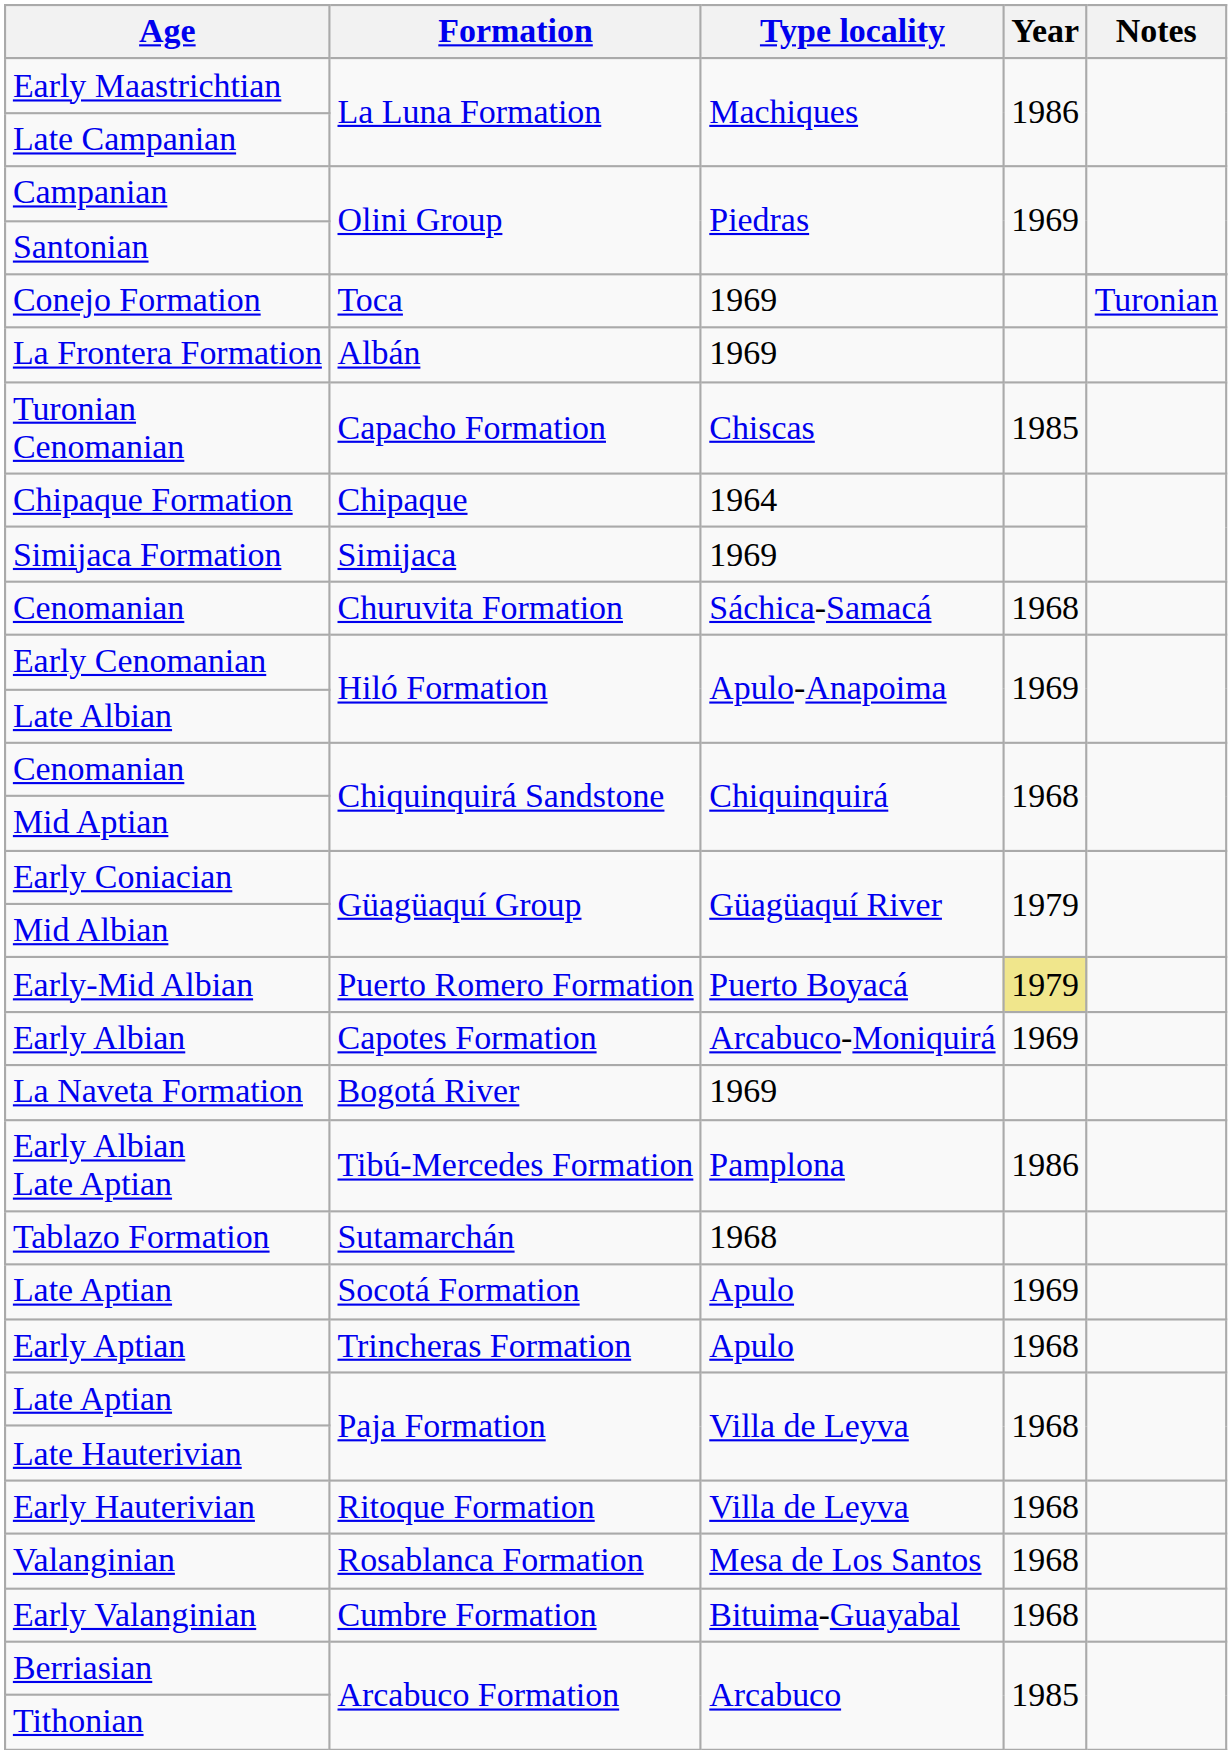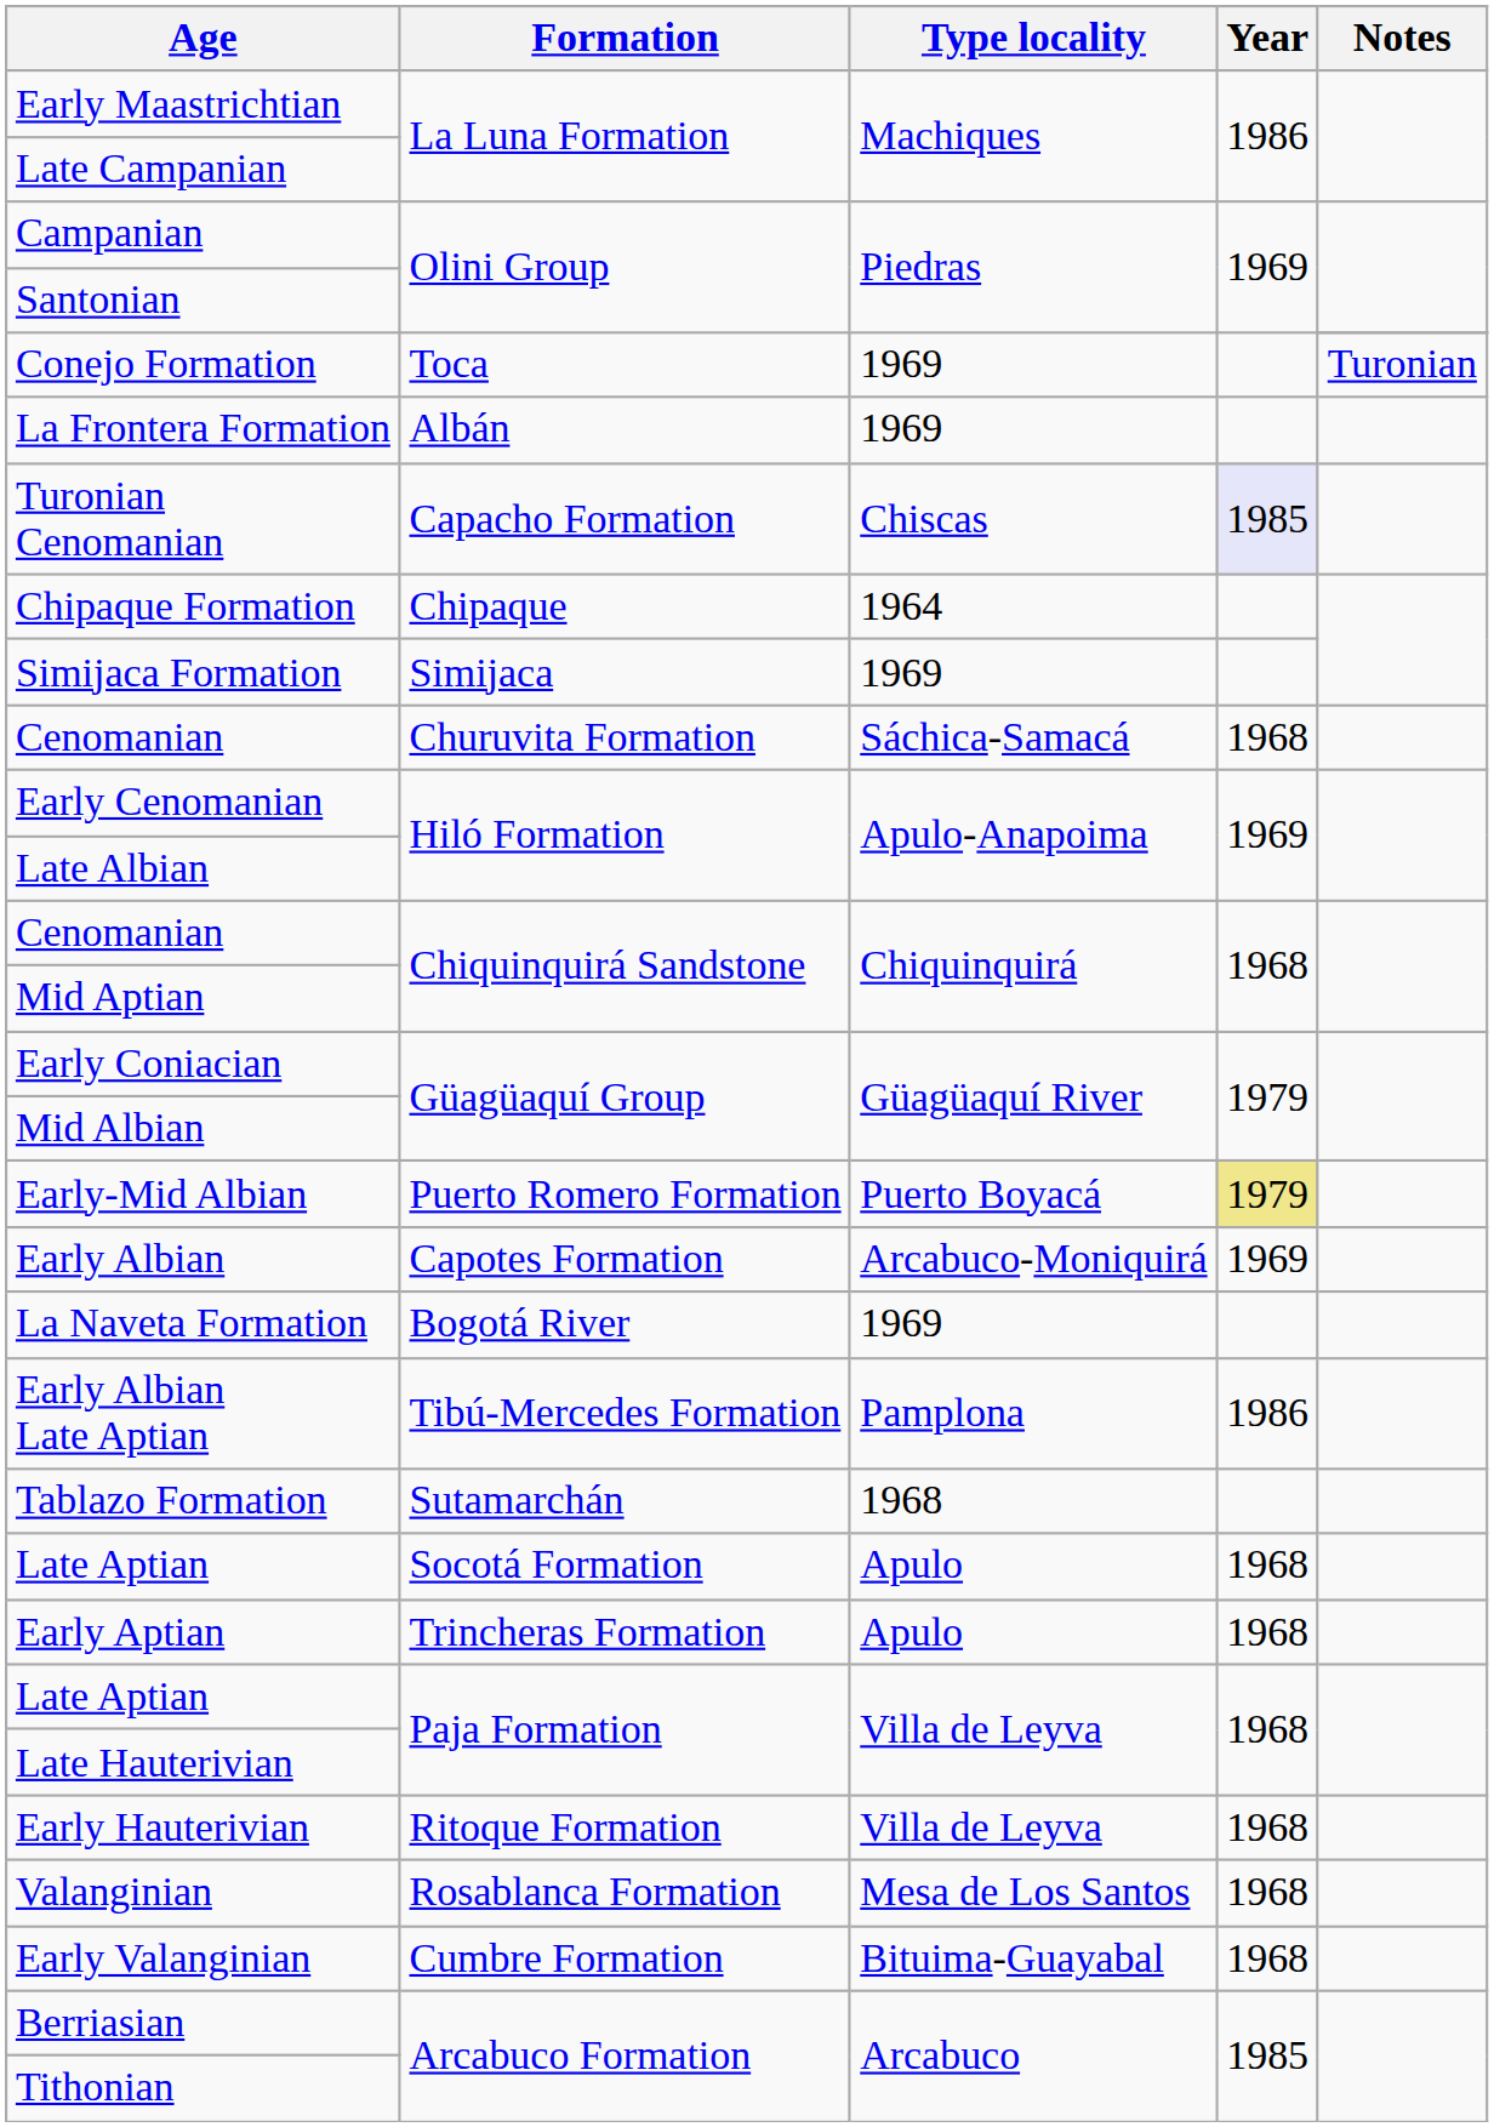 <table class="wikitable sortable">
 <tr>
 <th><a href='#'>Age</a></th>
 <th><a href='#'>Formation</a></th>
 <th><a href='#'>Type locality</a></th>
 <th>Year</th>
 <th>Notes</th>
 </tr>
 <tr>
 <td style="background-color: "><a href='#'>Early Maastrichtian</a></td>
 <td rowspan=2><a href='#'>La Luna Formation</a></td>
 <td rowspan=2><a href='#'>Machiques</a></td>
 <td rowspan=2>1986</td>
 <td rowspan=2></td>
 </tr>
 <tr>
 <td style="background-color: "><a href='#'>Late Campanian</a></td>
 </tr>
 <tr>
 <td style="background-color: "><a href='#'>Campanian</a></td>
 <td rowspan=2><a href='#'>Olini Group</a></td>
 <td rowspan=2><a href='#'>Piedras</a></td>
 <td rowspan=2>1969</td>
 <td rowspan=2></td>
 </tr>
 <tr>
 <td style="background-color: "><a href='#'>Santonian</a></td>
 </tr>
 <tr>
 <td rowspan=2><a href='#'>Conejo Formation</a></td>
 <td rowspan=2><a href='#'>Toca</a></td>
 <td rowspan=2>1969</td>
 <td rowspan=2></td>
 </tr>
 <tr>
 <td style="background-color: "><a href='#'>Turonian</a></td>
 </tr>
 <tr>
 <td><a href='#'>La Frontera Formation</a></td>
 <td><a href='#'>Albán</a></td>
 <td>1969</td>
 <td></td>
 </tr>
 <tr>
 <td style="background-color: "><a href='#'>Turonian</a><br><a href='#'>Cenomanian</a></td>
 <td><a href='#'>Capacho Formation</a></td>
 <td><a href='#'>Chiscas</a></td>
-<td>1985</td>
+<td style="background: lavender;">1985</td>
 <td></td>
 </tr>
 <tr>
 <td><a href='#'>Chipaque Formation</a></td>
 <td><a href='#'>Chipaque</a></td>
 <td>1964</td>
 <td></td>
 </tr>
 <tr>
 <td><a href='#'>Simijaca Formation</a></td>
 <td><a href='#'>Simijaca</a></td>
 <td>1969</td>
 <td></td>
 </tr>
 <tr>
 <td style="background-color: "><a href='#'>Cenomanian</a></td>
 <td><a href='#'>Churuvita Formation</a></td>
 <td><a href='#'>Sáchica</a>-<a href='#'>Samacá</a></td>
 <td>1968</td>
 <td></td>
 </tr>
 <tr>
 <td style="background-color: "><a href='#'>Early Cenomanian</a></td>
 <td rowspan=2><a href='#'>Hiló Formation</a></td>
 <td rowspan=2><a href='#'>Apulo</a>-<a href='#'>Anapoima</a></td>
 <td rowspan=2>1969</td>
 <td rowspan=2></td>
 </tr>
 <tr>
 <td style="background-color: "><a href='#'>Late Albian</a></td>
 </tr>
 <tr>
 <td style="background-color: "><a href='#'>Cenomanian</a></td>
 <td rowspan=2><a href='#'>Chiquinquirá Sandstone</a></td>
 <td rowspan=2><a href='#'>Chiquinquirá</a></td>
 <td rowspan=2>1968</td>
 <td rowspan=2></td>
 </tr>
 <tr>
 <td style="background-color: "><a href='#'>Mid Aptian</a></td>
 </tr>
 <tr>
 <td style="background-color: "><a href='#'>Early Coniacian</a></td>
 <td rowspan=2><a href='#'>Güagüaquí Group</a></td>
 <td rowspan=2><a href='#'>Güagüaquí River</a></td>
 <td rowspan=2>1979</td>
 <td rowspan=2></td>
 </tr>
 <tr>
 <td style="background-color: "><a href='#'>Mid Albian</a></td>
 </tr>
 <tr>
 <td style="background-color: "><a href='#'>Early-Mid Albian</a></td>
 <td><a href='#'>Puerto Romero Formation</a></td>
 <td><a href='#'>Puerto Boyacá</a></td>
 <td style="background: khaki;">1979</td>
 <td></td>
 </tr>
 <tr>
 <td style="background-color: "><a href='#'>Early Albian</a></td>
 <td><a href='#'>Capotes Formation</a></td>
 <td><a href='#'>Arcabuco</a>-<a href='#'>Moniquirá</a></td>
 <td>1969</td>
 <td></td>
 </tr>
 <tr>
 <td><a href='#'>La Naveta Formation</a></td>
 <td><a href='#'>Bogotá River</a></td>
 <td>1969</td>
 <td></td>
 </tr>
 <tr>
 <td style="background-color: "><a href='#'>Early Albian</a><br><a href='#'>Late Aptian</a></td>
 <td><a href='#'>Tibú-Mercedes Formation</a></td>
 <td><a href='#'>Pamplona</a></td>
 <td>1986</td>
 <td></td>
 </tr>
 <tr>
 <td><a href='#'>Tablazo Formation</a></td>
 <td><a href='#'>Sutamarchán</a></td>
 <td>1968</td>
 <td></td>
 </tr>
 <tr>
 <td style="background-color: "><a href='#'>Late Aptian</a></td>
 <td><a href='#'>Socotá Formation</a></td>
 <td><a href='#'>Apulo</a></td>
-<td>1969</td>
+<td>1968</td>
 <td></td>
 </tr>
 <tr>
 <td style="background-color: "><a href='#'>Early Aptian</a></td>
 <td><a href='#'>Trincheras Formation</a></td>
 <td><a href='#'>Apulo</a></td>
 <td>1968</td>
 <td></td>
 </tr>
 <tr>
 <td style="background-color: "><a href='#'>Late Aptian</a></td>
 <td rowspan=2><a href='#'>Paja Formation</a></td>
 <td rowspan=2><a href='#'>Villa de Leyva</a></td>
 <td rowspan=2>1968</td>
 <td rowspan=2></td>
 </tr>
 <tr>
 <td style="background-color: "><a href='#'>Late Hauterivian</a></td>
 </tr>
 <tr>
 <td style="background-color: "><a href='#'>Early Hauterivian</a></td>
 <td><a href='#'>Ritoque Formation</a></td>
 <td><a href='#'>Villa de Leyva</a></td>
 <td>1968</td>
 <td></td>
 </tr>
 <tr>
 <td style="background-color: "><a href='#'>Valanginian</a></td>
 <td><a href='#'>Rosablanca Formation</a></td>
 <td><a href='#'>Mesa de Los Santos</a></td>
 <td>1968</td>
 <td></td>
 </tr>
 <tr>
 <td style="background-color: "><a href='#'>Early Valanginian</a></td>
 <td><a href='#'>Cumbre Formation</a></td>
 <td><a href='#'>Bituima</a>-<a href='#'>Guayabal</a></td>
 <td>1968</td>
 <td></td>
 </tr>
 <tr>
 <td style="background-color: "><a href='#'>Berriasian</a></td>
 <td rowspan=2><a href='#'>Arcabuco Formation</a></td>
 <td rowspan=2><a href='#'>Arcabuco</a></td>
 <td rowspan=2>1985</td>
 <td rowspan=2></td>
 </tr>
 <tr>
 <td style="background-color: "><a href='#'>Tithonian</a></td>
 </tr>
 </table>
